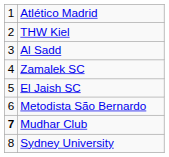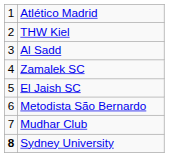 <table class="wikitable" width="220px">
 <tr>
 <td align=center>1</td>
 <td> <a href='#'>Atlético Madrid</a></td>
 </tr>
 <tr>
 <td align=center>2</td>
 <td> <a href='#'>THW Kiel</a></td>
 </tr>
 <tr>
 <td align=center>3</td>
 <td> <a href='#'>Al Sadd</a></td>
 </tr>
 <tr>
 <td align=center>4</td>
 <td> <a href='#'>Zamalek SC</a></td>
 </tr>
 <tr>
 <td align=center>5</td>
 <td> <a href='#'>El Jaish SC</a></td>
 </tr>
 <tr>
 <td align=center>6</td>
 <td> <a href='#'>Metodista São Bernardo</a></td>
 </tr>
 <tr>
-<td align=center><strong>7</strong></td>
+<td align=center>7</td>
 <td> <a href='#'>Mudhar Club</a></td>
 </tr>
 <tr>
-<td align=center>8</td>
+<td align=center><strong>8</strong></td>
 <td> <a href='#'>Sydney University</a></td>
 </tr>
 </table>
